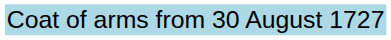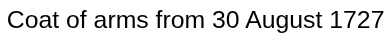 <table style="margin:0.3em auto">
 <tr>
 <td></td>
 </tr>
 <tr>
-<td style="background: lightblue; text-align:center">Coat of arms from 30 August 1727</td>
+<td style="text-align:center">Coat of arms from 30 August 1727</td>
 </tr>
 </table>
